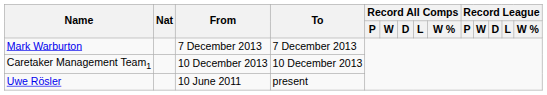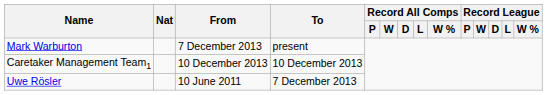 <table class="wikitable" style="text-align: center">
 <tr>
 <th rowspan="2">Name</th>
 <th rowspan="2">Nat</th>
 <th rowspan="2">From</th>
 <th rowspan="2">To</th>
 <th colspan="5">Record All Comps</th>
 <th colspan="5">Record League</th>
 </tr>
 <tr>
 <th>P</th>
 <th>W</th>
 <th>D</th>
 <th>L</th>
 <th>W %</th>
 <th>P</th>
 <th>W</th>
 <th>D</th>
 <th>L</th>
 <th>W %</th>
 </tr>
 <tr>
 <td align=left><a href='#'>Mark Warburton</a></td>
 <td></td>
 <td align=left>7 December 2013</td>
-<td align=left>7 December 2013<br> </td>
+<td align=left>present<br> </td>
 </tr>
 <tr>
 <td align=left>Caretaker Management Team<sub>1</sub></td>
 <td></td>
 <td align=left>10 December 2013</td>
 <td align=left>10 December 2013<br> </td>
 </tr>
 <tr>
 <td align=left><a href='#'>Uwe Rösler</a></td>
 <td></td>
 <td align=left>10 June 2011</td>
-<td align=left>present<br> </td>
+<td align=left>7 December 2013<br> </td>
 </tr>
 </table>
